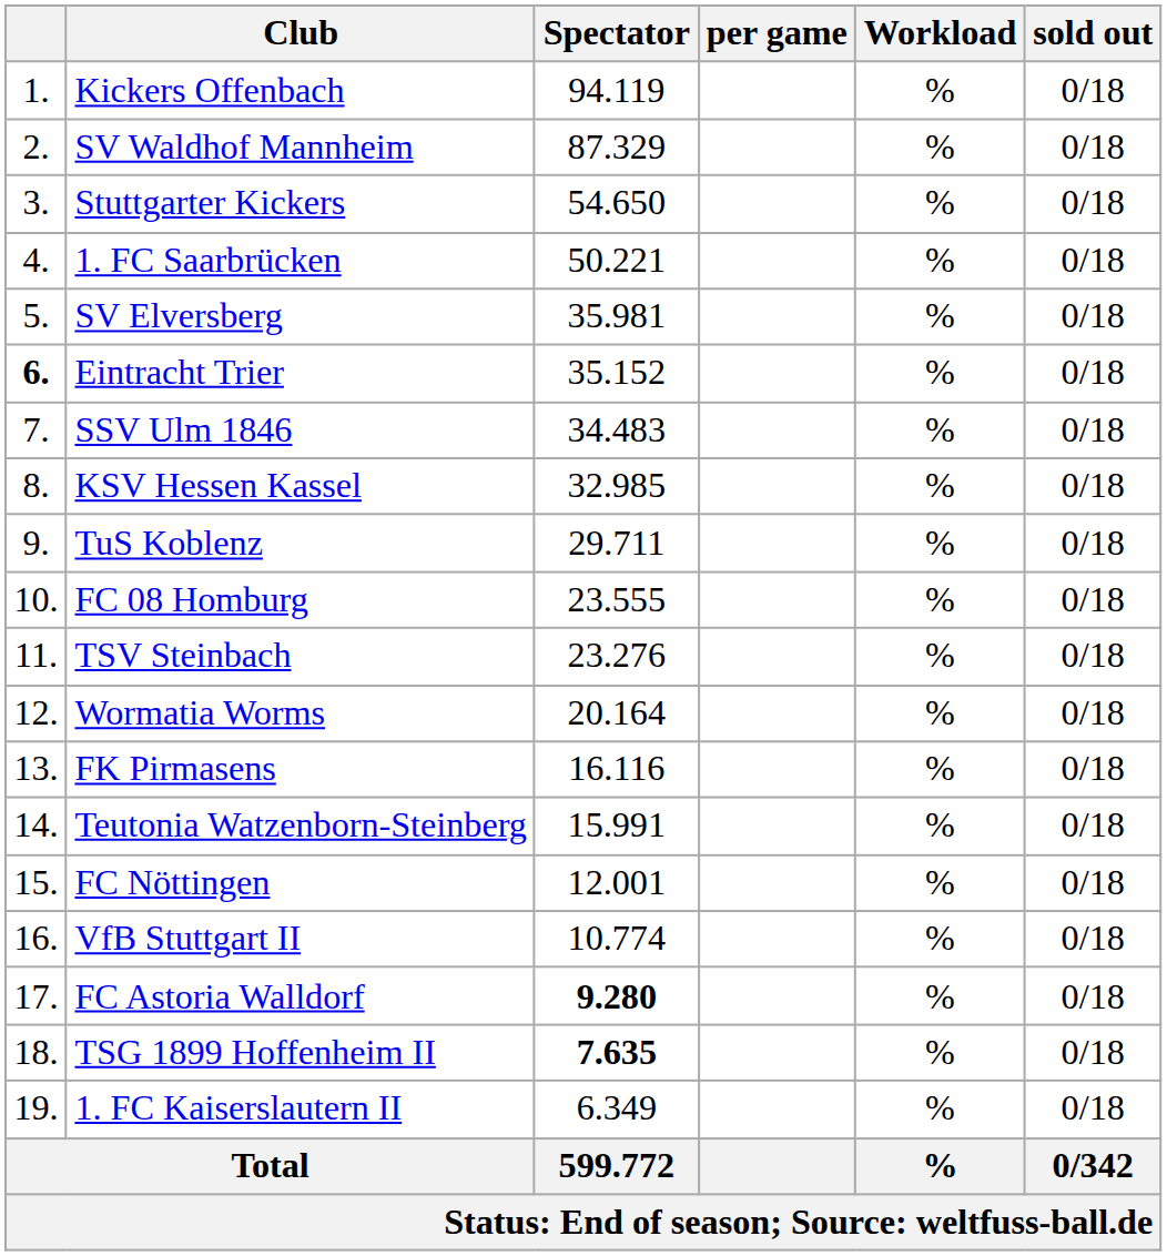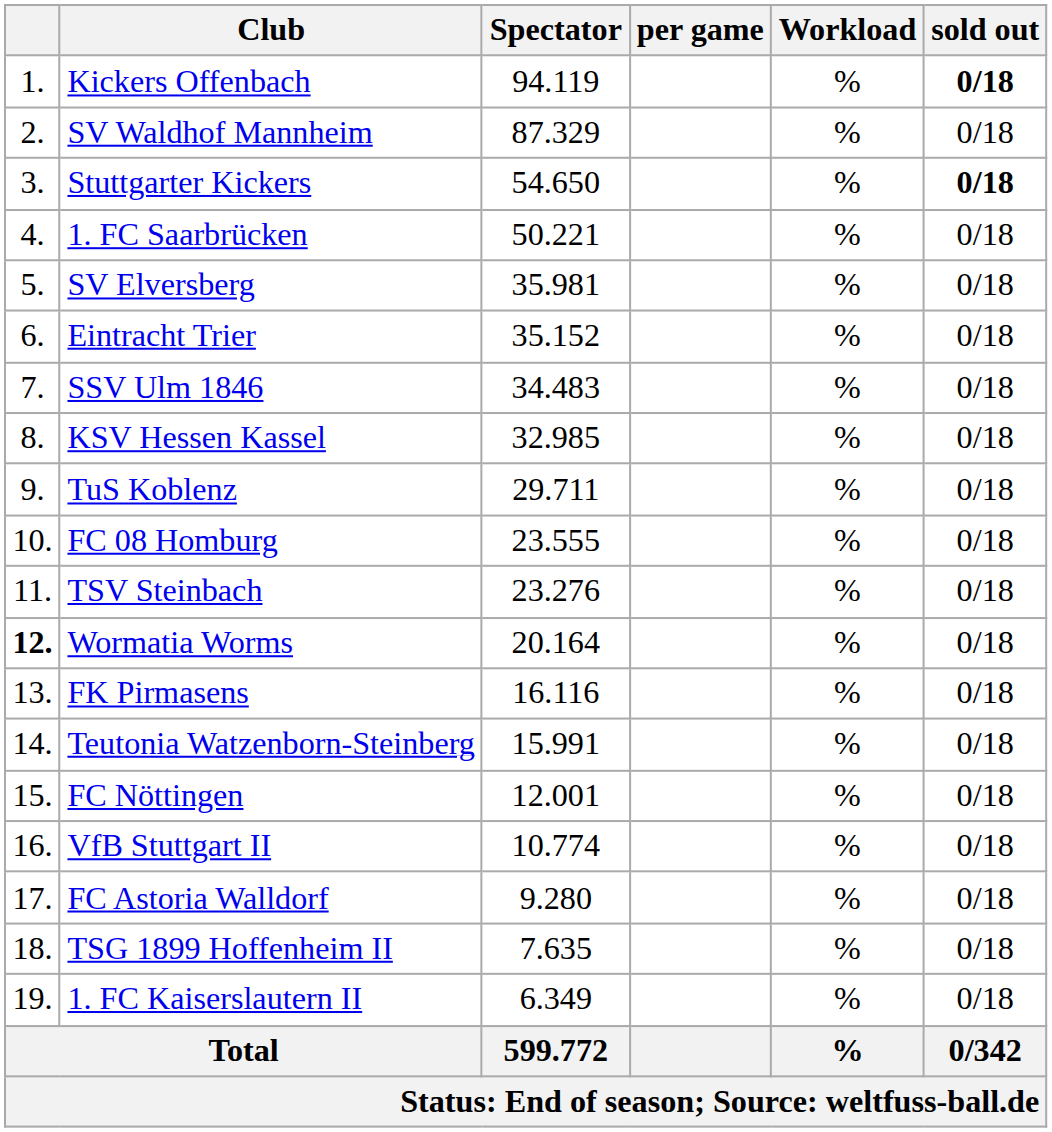 <table class="wikitable sortable" style="text-align:center; padding-right:1em; background-color:#ffffff">
 <tr class="hintergrundfarbe5">
 <th></th>
 <th>Club</th>
 <th>Spectator</th>
 <th>per game</th>
 <th>Workload</th>
 <th><span>sold out</span></th>
 </tr>
 <tr>
 <td>1.</td>
 <td style="text-align:left"><a href='#'>Kickers Offenbach</a></td>
 <td>94.119</td>
 <td></td>
 <td> %</td>
-<td>0/18</td>
+<td><strong>0/18</strong></td>
 </tr>
 <tr>
 <td>2.</td>
 <td style="text-align:left"> <a href='#'>SV Waldhof Mannheim</a></td>
 <td>87.329</td>
 <td></td>
 <td> %</td>
 <td>0/18</td>
 </tr>
 <tr>
 <td>3.</td>
 <td style="text-align:left"> <a href='#'>Stuttgarter Kickers</a></td>
 <td>54.650</td>
 <td></td>
 <td> %</td>
-<td>0/18</td>
+<td><strong>0/18</strong></td>
 </tr>
 <tr>
 <td>4.</td>
 <td style="text-align:left"><a href='#'>1. FC Saarbrücken</a></td>
 <td>50.221</td>
 <td></td>
 <td> %</td>
 <td>0/18</td>
 </tr>
 <tr>
 <td>5.</td>
 <td style="text-align:left"><a href='#'>SV Elversberg</a></td>
 <td>35.981</td>
 <td></td>
 <td> %</td>
 <td>0/18</td>
 </tr>
 <tr>
-<td><strong>6.</strong></td>
+<td>6.</td>
 <td style="text-align:left"><a href='#'>Eintracht Trier</a></td>
 <td>35.152</td>
 <td></td>
 <td> %</td>
 <td>0/18</td>
 </tr>
 <tr>
 <td>7.</td>
 <td style="text-align:left"> <a href='#'>SSV Ulm 1846</a></td>
 <td>34.483</td>
 <td></td>
 <td> %</td>
 <td>0/18</td>
 </tr>
 <tr>
 <td>8.</td>
 <td style="text-align:left"><a href='#'>KSV Hessen Kassel</a></td>
 <td>32.985</td>
 <td></td>
 <td> %</td>
 <td>0/18</td>
 </tr>
 <tr>
 <td>9.</td>
 <td style="text-align:left"> <a href='#'>TuS Koblenz</a></td>
 <td>29.711</td>
 <td></td>
 <td> %</td>
 <td>0/18</td>
 </tr>
 <tr>
 <td>10.</td>
 <td style="text-align:left"><a href='#'>FC 08 Homburg</a></td>
 <td>23.555</td>
 <td></td>
 <td> %</td>
 <td>0/18</td>
 </tr>
 <tr>
 <td>11.</td>
 <td style="text-align:left"><a href='#'>TSV Steinbach</a></td>
 <td>23.276</td>
 <td></td>
 <td> %</td>
 <td>0/18</td>
 </tr>
 <tr>
-<td>12.</td>
+<td><strong>12.</strong></td>
 <td style="text-align:left"><a href='#'>Wormatia Worms</a></td>
 <td>20.164</td>
 <td></td>
 <td> %</td>
 <td>0/18</td>
 </tr>
 <tr>
 <td>13.</td>
 <td style="text-align:left"><a href='#'>FK Pirmasens</a></td>
 <td>16.116</td>
 <td></td>
 <td> %</td>
 <td>0/18</td>
 </tr>
 <tr>
 <td>14.</td>
 <td style="text-align:left"><a href='#'>Teutonia Watzenborn-Steinberg</a></td>
 <td>15.991</td>
 <td></td>
 <td> %</td>
 <td>0/18</td>
 </tr>
 <tr>
 <td>15.</td>
 <td style="text-align:left"><a href='#'>FC Nöttingen</a></td>
 <td>12.001</td>
 <td></td>
 <td> %</td>
 <td>0/18</td>
 </tr>
 <tr>
 <td>16.</td>
 <td style="text-align:left"> <a href='#'>VfB Stuttgart II</a></td>
 <td>10.774</td>
 <td></td>
 <td> %</td>
 <td>0/18</td>
 </tr>
 <tr>
 <td>17.</td>
 <td style="text-align:left"><a href='#'>FC Astoria Walldorf</a></td>
-<td><strong>9.280</strong></td>
+<td>9.280</td>
 <td></td>
 <td> %</td>
 <td>0/18</td>
 </tr>
 <tr>
 <td>18.</td>
 <td style="text-align:left"> <a href='#'>TSG 1899 Hoffenheim II</a></td>
-<td><strong>7.635</strong></td>
+<td>7.635</td>
 <td></td>
 <td> %</td>
 <td>0/18</td>
 </tr>
 <tr>
 <td>19.</td>
 <td style="text-align:left"> <a href='#'>1. FC Kaiserslautern II</a></td>
 <td>6.349</td>
 <td></td>
 <td> %</td>
 <td>0/18</td>
 </tr>
 <tr class="hintergrundfarbe5 sortbottom">
 <th colspan="2">Total</th>
 <th>599.772</th>
 <th></th>
 <th> %</th>
 <th>0/342</th>
 </tr>
 <tr class="sortbottom">
 <th colspan="6" class="small" style="text-align:right">Status: End of season; Source: weltfuss-ball.de</th>
 </tr>
 </table>
